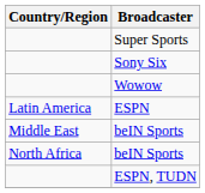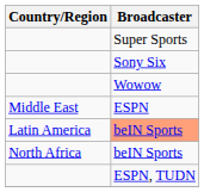 <table class="wikitable">
 <tr>
 <th>Country/Region</th>
 <th>Broadcaster</th>
 </tr>
 <tr>
 <td></td>
 <td>Super Sports</td>
 </tr>
 <tr>
 <td></td>
 <td><a href='#'>Sony Six</a></td>
 </tr>
 <tr>
 <td></td>
 <td><a href='#'>Wowow</a></td>
 </tr>
 <tr>
-<td><a href='#'>Latin America</a></td>
+<td><a href='#'>Middle East</a></td>
 <td><a href='#'>ESPN</a></td>
 </tr>
 <tr>
-<td><a href='#'>Middle East</a></td>
-<td><a href='#'>beIN Sports</a></td>
+<td><a href='#'>Latin America</a></td>
+<td style="background: lightsalmon;"><a href='#'>beIN Sports</a></td>
 </tr>
 <tr>
 <td><a href='#'>North Africa</a></td>
 <td><a href='#'>beIN Sports</a></td>
 </tr>
 <tr>
 <td></td>
 <td><a href='#'>ESPN</a>, <a href='#'>TUDN</a></td>
 </tr>
 <tr>
 </tr>
 </table>
